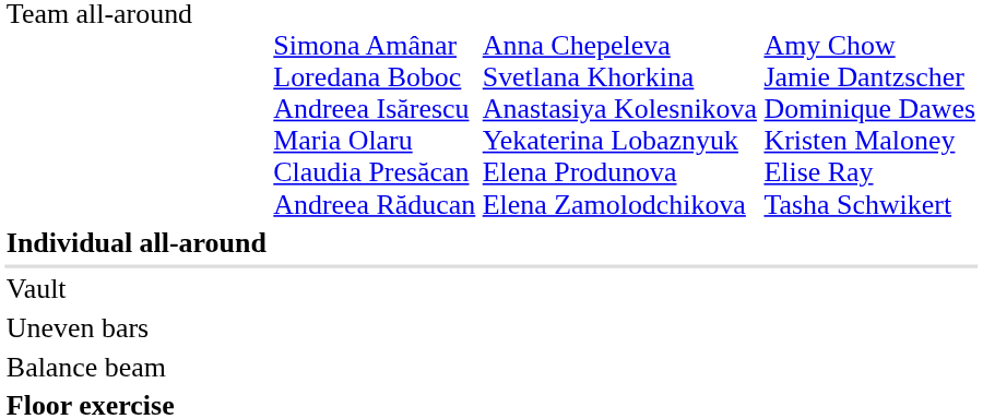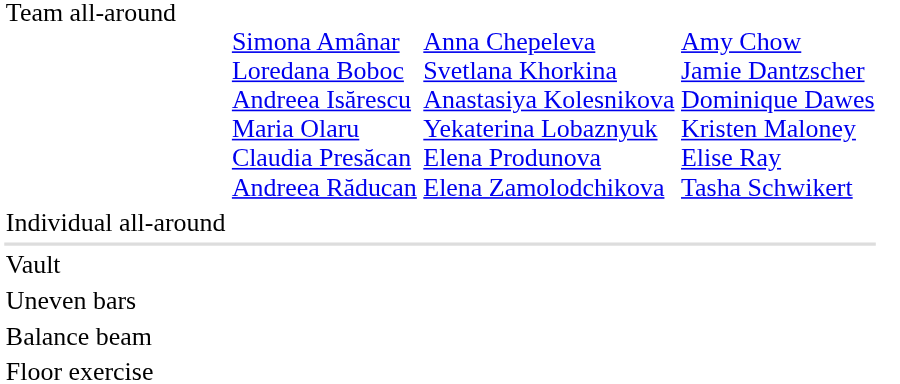 <table>
 <tr valign="top">
 <td>Team all-around<br></td>
 <td><br><a href='#'>Simona Amânar</a><br><a href='#'>Loredana Boboc</a><br><a href='#'>Andreea Isărescu</a><br><a href='#'>Maria Olaru</a><br><a href='#'>Claudia Presăcan</a><br><a href='#'>Andreea Răducan</a></td>
 <td><br><a href='#'>Anna Chepeleva</a><br><a href='#'>Svetlana Khorkina</a><br><a href='#'>Anastasiya Kolesnikova</a><br><a href='#'>Yekaterina Lobaznyuk</a><br><a href='#'>Elena Produnova</a><br><a href='#'>Elena Zamolodchikova</a></td>
 <td><br><a href='#'>Amy Chow</a><br><a href='#'>Jamie Dantzscher</a><br><a href='#'>Dominique Dawes</a><br><a href='#'>Kristen Maloney</a><br><a href='#'>Elise Ray</a><br><a href='#'>Tasha Schwikert</a></td>
 </tr>
 <tr valign="top">
-<td><strong>Individual all-around<br></strong></td>
+<td>Individual all-around<br></td>
 <td></td>
 <td></td>
 <td></td>
 </tr>
 <tr bgcolor=#DDDDDD>
 <td colspan=7></td>
 </tr>
 <tr>
 <td>Vault<br></td>
 <td></td>
 <td></td>
 <td></td>
 </tr>
 <tr>
 <td>Uneven bars<br></td>
 <td></td>
 <td></td>
 <td></td>
 </tr>
 <tr valign="top">
 <td>Balance beam<br></td>
 <td></td>
 <td></td>
 <td></td>
 </tr>
 <tr>
-<td><strong>Floor exercise<br></strong></td>
+<td>Floor exercise<br></td>
 <td></td>
 <td></td>
 <td></td>
 </tr>
 </table>
